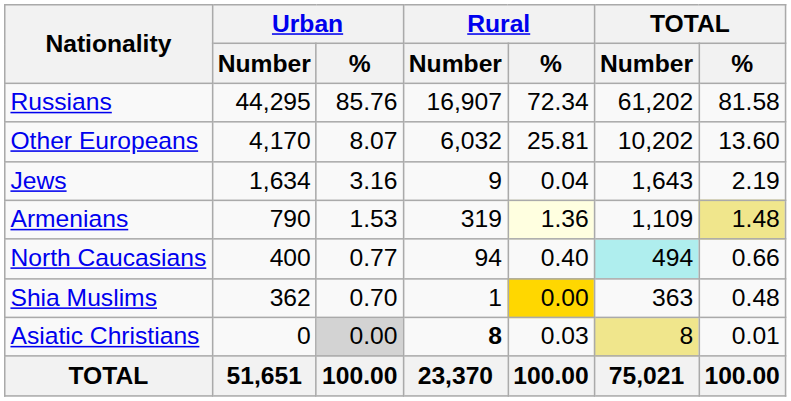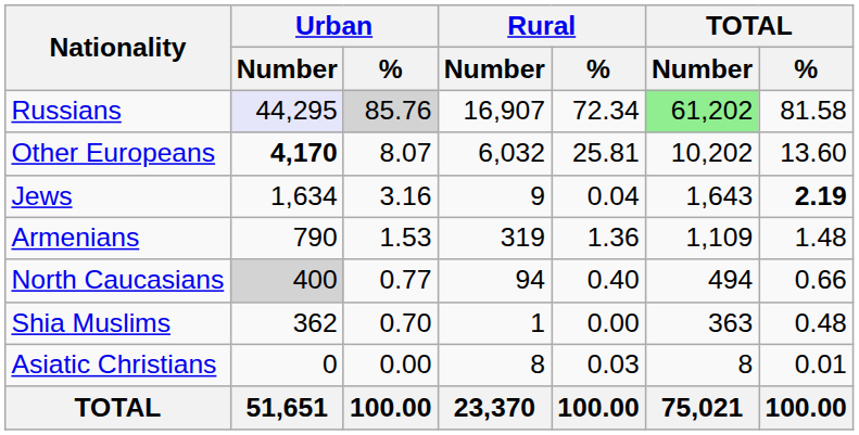 <table class="wikitable sortable">
 <tr>
 <th rowspan="2">Nationality</th>
 <th colspan="2"><a href='#'>Urban</a></th>
 <th colspan="2"><a href='#'>Rural</a></th>
 <th colspan="2">TOTAL</th>
 </tr>
 <tr>
 <th>Number</th>
 <th>%</th>
 <th>Number</th>
 <th>%</th>
 <th>Number</th>
 <th>%</th>
 </tr>
 <tr>
 <td><a href='#'>Russians</a></td>
-<td align="right">44,295</td>
-<td align="right">85.76</td>
+<td align="right" style="background: lavender;">44,295</td>
+<td align="right" style="background: lightgrey;">85.76</td>
 <td align="right">16,907</td>
 <td align="right">72.34</td>
-<td align="right">61,202</td>
+<td align="right" style="background: lightgreen;">61,202</td>
 <td align="right">81.58</td>
 </tr>
 <tr>
 <td><a href='#'>Other Europeans</a></td>
-<td align="right">4,170</td>
+<td align="right"><strong>4,170</strong></td>
 <td align="right">8.07</td>
 <td align="right">6,032</td>
 <td align="right">25.81</td>
 <td align="right">10,202</td>
 <td align="right">13.60</td>
 </tr>
 <tr>
 <td><a href='#'>Jews</a></td>
 <td align="right">1,634</td>
 <td align="right">3.16</td>
 <td align="right">9</td>
 <td align="right">0.04</td>
 <td align="right">1,643</td>
-<td align="right">2.19</td>
+<td align="right"><strong>2.19</strong></td>
 </tr>
 <tr>
 <td><a href='#'>Armenians</a></td>
 <td align="right">790</td>
 <td align="right">1.53</td>
 <td align="right">319</td>
-<td align="right" style="background: lightyellow;">1.36</td>
+<td align="right">1.36</td>
 <td align="right">1,109</td>
-<td align="right" style="background: khaki;">1.48</td>
+<td align="right">1.48</td>
 </tr>
 <tr>
 <td><a href='#'>North Caucasians</a></td>
-<td align="right">400</td>
+<td align="right" style="background: lightgrey;">400</td>
 <td align="right">0.77</td>
 <td align="right">94</td>
 <td align="right">0.40</td>
-<td align="right" style="background: paleturquoise;">494</td>
+<td align="right">494</td>
 <td align="right">0.66</td>
 </tr>
 <tr>
 <td><a href='#'>Shia Muslims</a></td>
 <td align="right">362</td>
 <td align="right">0.70</td>
 <td align="right">1</td>
-<td align="right" style="background: gold;">0.00</td>
+<td align="right">0.00</td>
 <td align="right">363</td>
 <td align="right">0.48</td>
 </tr>
 <tr>
 <td><a href='#'>Asiatic Christians</a></td>
 <td align="right">0</td>
-<td align="right" style="background: lightgrey;">0.00</td>
-<td align="right"><strong>8</strong></td>
+<td align="right">0.00</td>
+<td align="right">8</td>
 <td align="right">0.03</td>
-<td align="right" style="background: khaki;">8</td>
+<td align="right">8</td>
 <td align="right">0.01</td>
 </tr>
 <tr>
 <th>TOTAL</th>
 <th>51,651</th>
 <th>100.00</th>
 <th>23,370</th>
 <th>100.00</th>
 <th>75,021</th>
 <th>100.00</th>
 </tr>
 </table>
